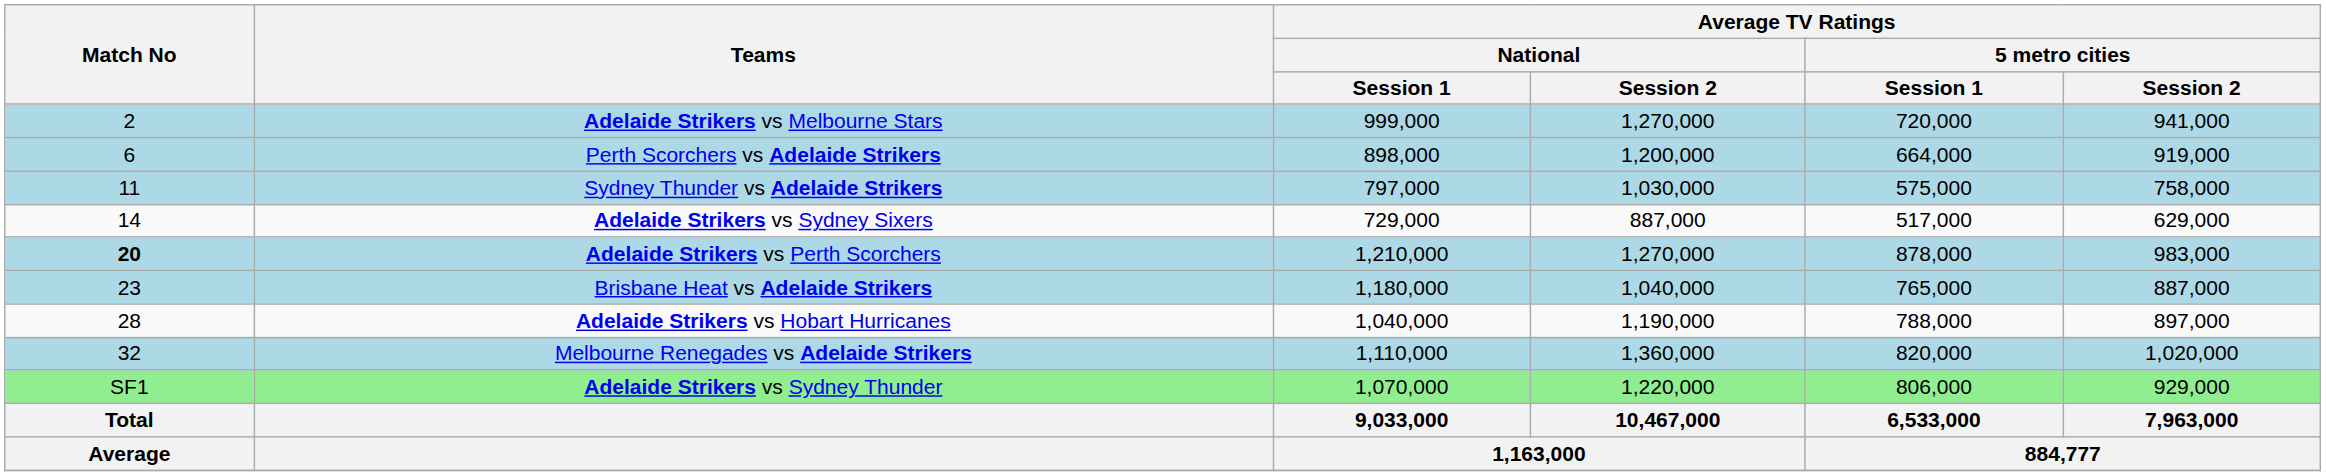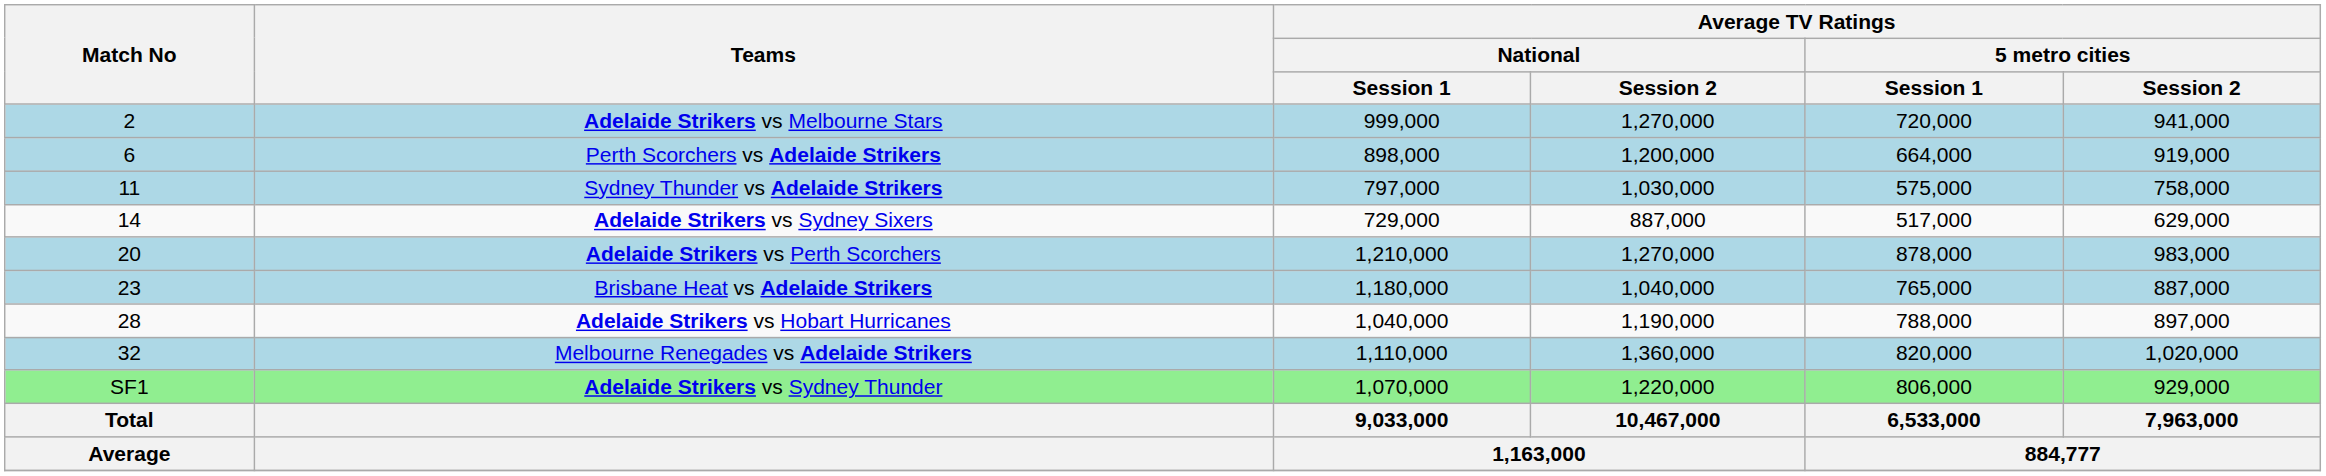 <table class="wikitable sortable" style="text-align: center; font-size:90%; width:80%">
 <tr>
 <th rowspan=3>Match No</th>
 <th rowspan=3>Teams</th>
 <th colspan=4>Average TV Ratings</th>
 </tr>
 <tr>
 <th colspan=2>National</th>
 <th colspan=2>5 metro cities</th>
 </tr>
 <tr>
 <th style="width: auto;">Session 1</th>
 <th style="width: auto;">Session 2</th>
 <th style="width: auto;">Session 1</th>
 <th style="width: auto;">Session 2</th>
 </tr>
 <tr style="background:lightblue;">
 <td>2</td>
 <td><strong><a href='#'>Adelaide Strikers</a></strong> vs <a href='#'>Melbourne Stars</a></td>
 <td>999,000</td>
 <td>1,270,000</td>
 <td>720,000</td>
 <td>941,000</td>
 </tr>
 <tr style="background:lightblue;">
 <td>6</td>
 <td><a href='#'>Perth Scorchers</a> vs <strong><a href='#'>Adelaide Strikers</a></strong></td>
 <td>898,000</td>
 <td>1,200,000</td>
 <td>664,000</td>
 <td>919,000</td>
 </tr>
 <tr style="background:lightblue;">
 <td>11</td>
 <td><a href='#'>Sydney Thunder</a> vs <strong><a href='#'>Adelaide Strikers</a></strong></td>
 <td>797,000</td>
 <td>1,030,000</td>
 <td>575,000</td>
 <td>758,000</td>
 </tr>
 <tr>
 <td>14</td>
 <td><strong><a href='#'>Adelaide Strikers</a></strong> vs <a href='#'>Sydney Sixers</a></td>
 <td>729,000</td>
 <td>887,000</td>
 <td>517,000</td>
 <td>629,000</td>
 </tr>
 <tr style="background:lightblue;">
-<td><strong>20</strong></td>
+<td>20</td>
 <td><strong><a href='#'>Adelaide Strikers</a></strong> vs <a href='#'>Perth Scorchers</a></td>
 <td>1,210,000</td>
 <td>1,270,000</td>
 <td>878,000</td>
 <td>983,000</td>
 </tr>
 <tr style="background:lightblue;">
 <td>23</td>
 <td><a href='#'>Brisbane Heat</a> vs <strong><a href='#'>Adelaide Strikers</a></strong></td>
 <td>1,180,000</td>
 <td>1,040,000</td>
 <td>765,000</td>
 <td>887,000</td>
 </tr>
 <tr>
 <td>28</td>
 <td><strong><a href='#'>Adelaide Strikers</a></strong> vs <a href='#'>Hobart Hurricanes</a></td>
 <td>1,040,000</td>
 <td>1,190,000</td>
 <td>788,000</td>
 <td>897,000</td>
 </tr>
 <tr style="background:lightblue;">
 <td>32</td>
 <td><a href='#'>Melbourne Renegades</a> vs <strong><a href='#'>Adelaide Strikers</a></strong></td>
 <td>1,110,000</td>
 <td>1,360,000</td>
 <td>820,000</td>
 <td>1,020,000</td>
 </tr>
 <tr style="background:lightgreen;">
 <td>SF1</td>
 <td><strong><a href='#'>Adelaide Strikers</a></strong> vs <a href='#'>Sydney Thunder</a></td>
 <td>1,070,000</td>
 <td>1,220,000</td>
 <td>806,000</td>
 <td>929,000</td>
 </tr>
 <tr>
 <th>Total</th>
 <th></th>
 <th>9,033,000</th>
 <th>10,467,000</th>
 <th>6,533,000</th>
 <th>7,963,000</th>
 </tr>
 <tr>
 <th>Average</th>
 <th></th>
 <th colspan="2">1,163,000</th>
 <th colspan="2">884,777</th>
 </tr>
 <tr style="background:lightblue;">
 </tr>
 </table>
